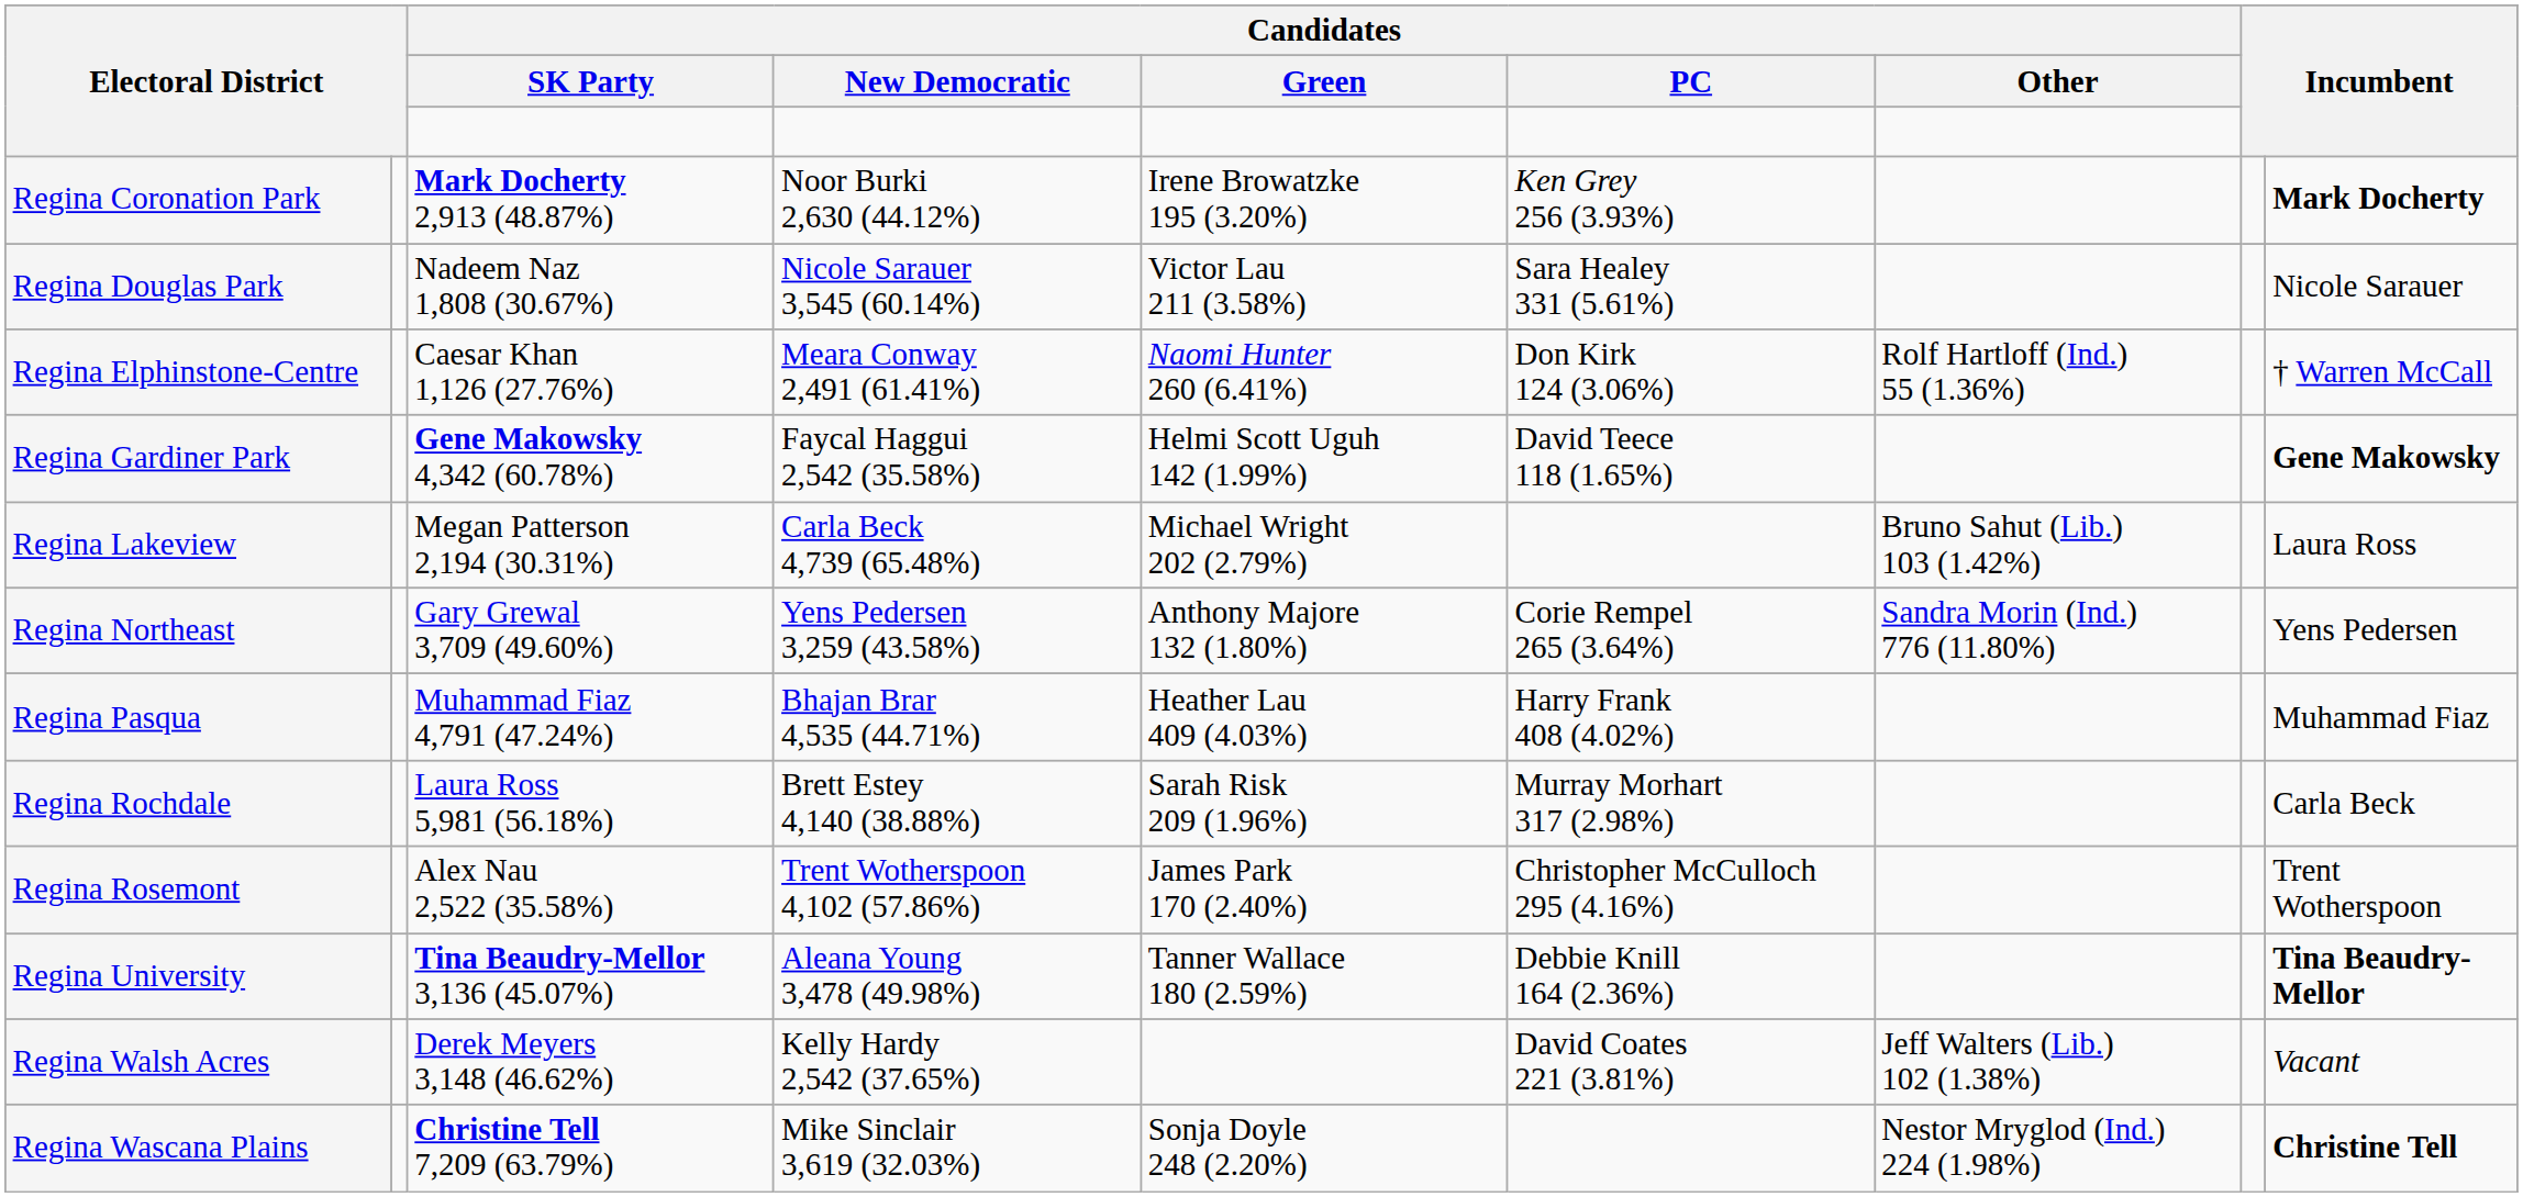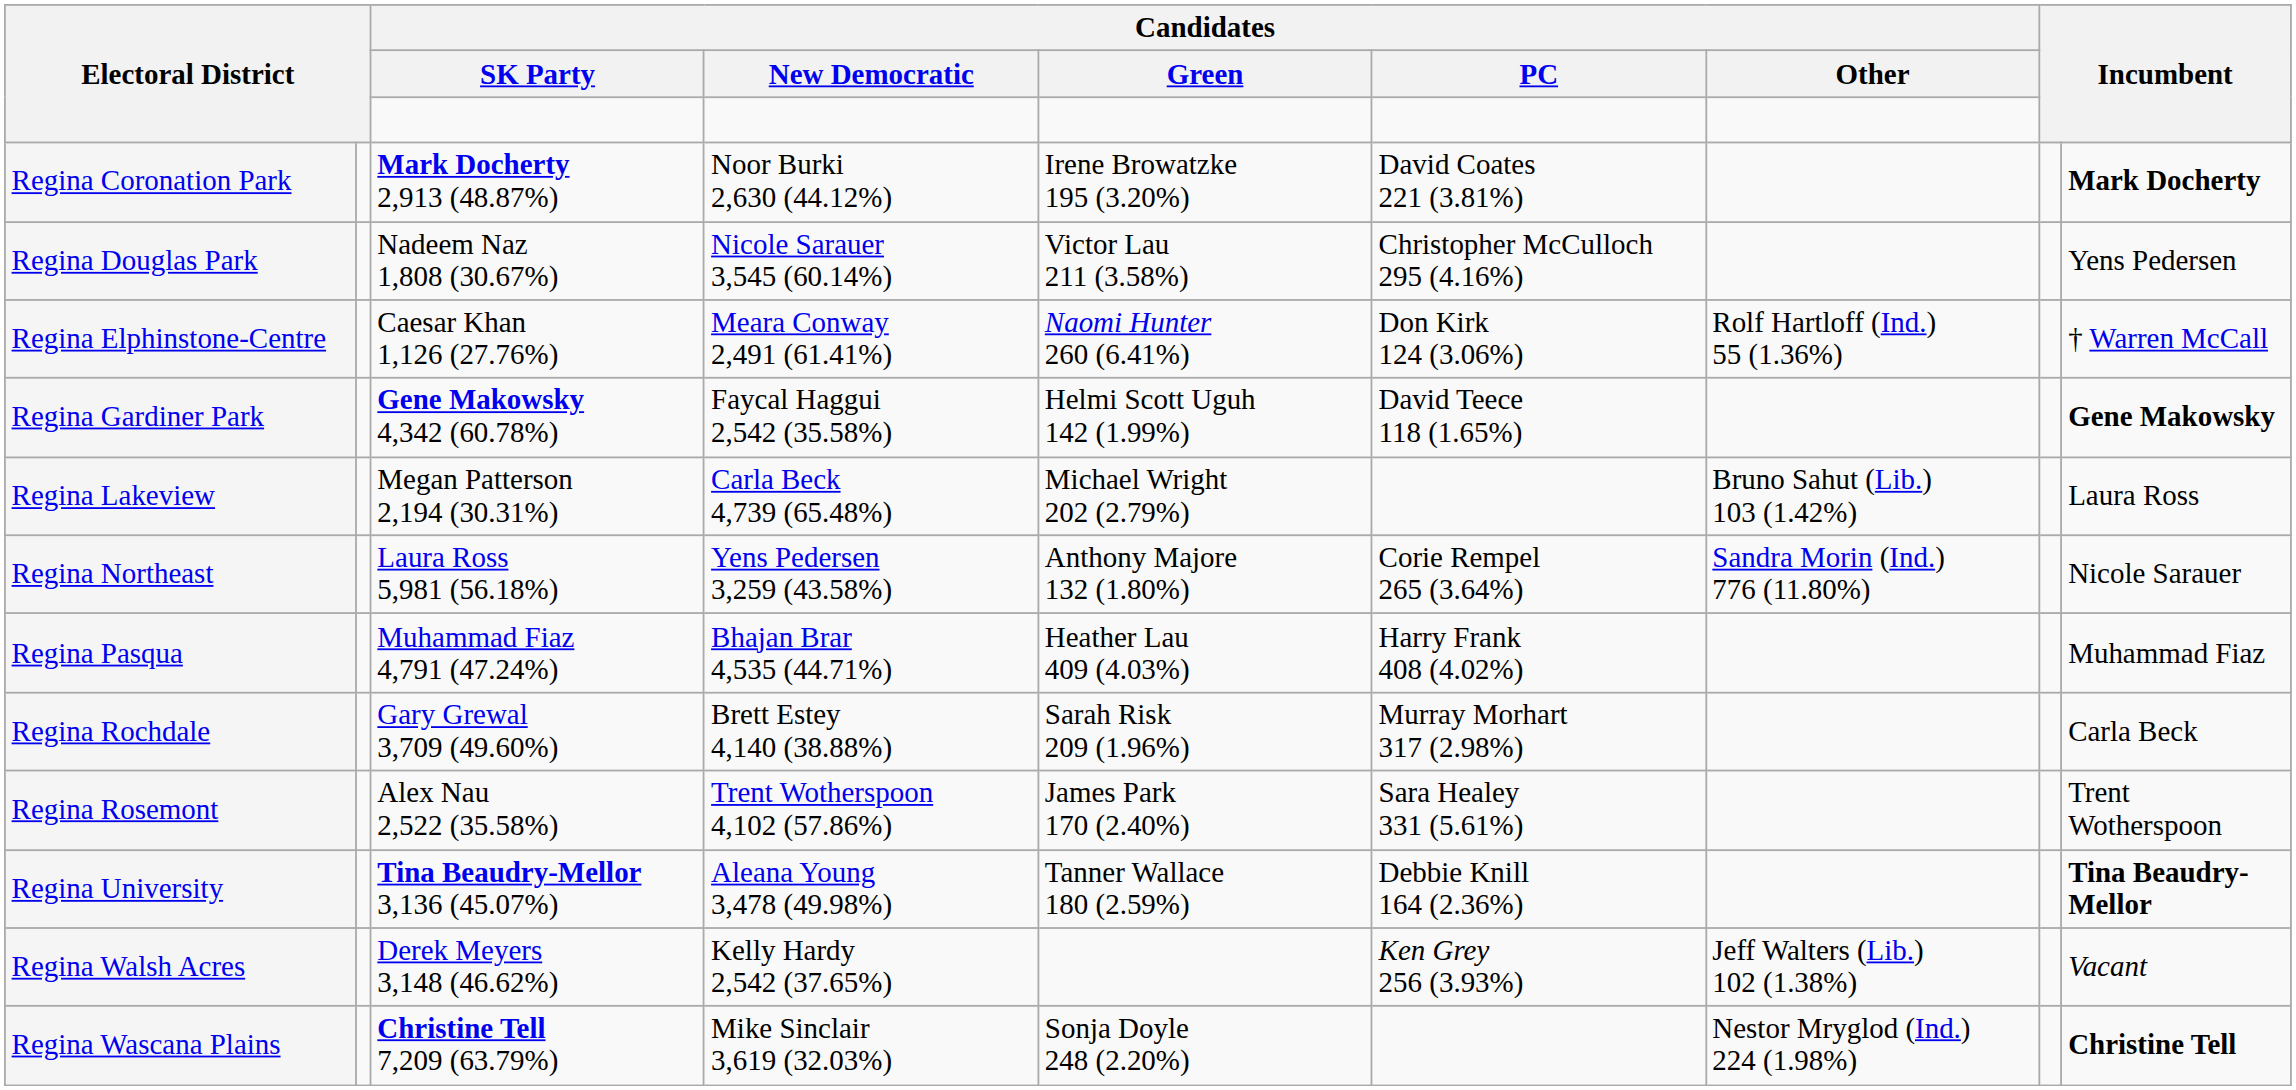 <table class="wikitable" style="width:100%;">
 <tr>
 <th style="width:16%;" rowspan="3" colspan="2">Electoral District</th>
 <th colspan=5>Candidates</th>
 <th style="width:14%;" rowspan="3" colspan="3">Incumbent</th>
 </tr>
 <tr>
 <th style="width:14.6%;"><a href='#'>SK Party</a></th>
 <th style="width:14.6%;"><a href='#'>New Democratic</a></th>
 <th style="width:14.6%;"><a href='#'>Green</a></th>
 <th style="width:14.6%;"><a href='#'>PC</a></th>
 <th style="width:14.6%;">Other</th>
 </tr>
 <tr>
 <td width=14.6% > </td>
 <td width=14.6% > </td>
 <td width=14.6% > </td>
 <td width=14.6% > </td>
 <td width=14.6% > </td>
 </tr>
 <tr>
 <td style="background:whitesmoke;"><a href='#'>Regina Coronation Park</a></td>
 <td></td>
 <td><a href='#'><strong>Mark Docherty</strong></a> <br>2,913 (48.87%)</td>
 <td>Noor Burki <br>2,630 (44.12%)</td>
 <td>Irene Browatzke <br>195 (3.20%)</td>
-<td><em>Ken Grey</em> <br>256 (3.93%)</td>
+<td>David Coates <br>221 (3.81%)</td>
 <td></td>
 <td> </td>
 <td><strong>Mark Docherty</strong></td>
 </tr>
 <tr>
 <td style="background:whitesmoke;"><a href='#'>Regina Douglas Park</a></td>
 <td></td>
 <td>Nadeem Naz <br>1,808 (30.67%)</td>
 <td><a href='#'>Nicole Sarauer</a> <br>3,545 (60.14%)</td>
 <td>Victor Lau <br>211 (3.58%)</td>
-<td>Sara Healey <br>331 (5.61%)</td>
+<td>Christopher McCulloch <br>295 (4.16%)</td>
 <td></td>
 <td> </td>
-<td>Nicole Sarauer</td>
+<td>Yens Pedersen</td>
 </tr>
 <tr>
 <td style="background:whitesmoke;"><a href='#'>Regina Elphinstone-Centre</a></td>
 <td></td>
 <td>Caesar Khan <br>1,126 (27.76%)</td>
 <td><a href='#'>Meara Conway</a> <br>2,491 (61.41%)</td>
 <td><em><a href='#'>Naomi Hunter</a></em> <br>260 (6.41%)</td>
 <td>Don Kirk <br>124 (3.06%)</td>
 <td>Rolf Hartloff (<a href='#'>Ind.</a>) <br>55 (1.36%)</td>
 <td> </td>
 <td>† <a href='#'>Warren McCall</a></td>
 </tr>
 <tr>
 <td style="background:whitesmoke;"><a href='#'>Regina Gardiner Park</a></td>
 <td></td>
 <td><strong><a href='#'>Gene Makowsky</a></strong> <br>4,342 (60.78%)</td>
 <td>Faycal Haggui <br>2,542 (35.58%)</td>
 <td>Helmi Scott Uguh <br>142 (1.99%)</td>
 <td>David Teece <br>118 (1.65%)</td>
 <td></td>
 <td> </td>
 <td><strong>Gene Makowsky</strong></td>
 </tr>
 <tr>
 <td style="background:whitesmoke;"><a href='#'>Regina Lakeview</a></td>
 <td></td>
 <td>Megan Patterson <br>2,194 (30.31%)</td>
 <td><a href='#'>Carla Beck</a> <br>4,739 (65.48%)</td>
 <td>Michael Wright <br>202 (2.79%)</td>
 <td></td>
 <td>Bruno Sahut (<a href='#'>Lib.</a>) <br>103 (1.42%)</td>
 <td> </td>
 <td>Laura Ross</td>
 </tr>
 <tr>
 <td style="background:whitesmoke;"><a href='#'>Regina Northeast</a></td>
 <td></td>
-<td><a href='#'>Gary Grewal</a> <br>3,709 (49.60%)</td>
+<td><a href='#'>Laura Ross</a> <br>5,981 (56.18%)</td>
 <td><a href='#'>Yens Pedersen</a> <br>3,259 (43.58%)</td>
 <td>Anthony Majore <br>132 (1.80%)</td>
 <td>Corie Rempel <br>265 (3.64%)</td>
 <td><a href='#'>Sandra Morin</a> (<a href='#'>Ind.</a>) <br>776 (11.80%)</td>
 <td> </td>
-<td>Yens Pedersen</td>
+<td>Nicole Sarauer</td>
 </tr>
 <tr>
 <td style="background:whitesmoke;"><a href='#'>Regina Pasqua</a></td>
 <td></td>
 <td><a href='#'>Muhammad Fiaz</a> <br>4,791 (47.24%)</td>
 <td><a href='#'>Bhajan Brar</a> <br>4,535 (44.71%)</td>
 <td>Heather Lau <br>409 (4.03%)</td>
 <td>Harry Frank <br>408 (4.02%)</td>
 <td></td>
 <td> </td>
 <td>Muhammad Fiaz</td>
 </tr>
 <tr>
 <td style="background:whitesmoke;"><a href='#'>Regina Rochdale</a></td>
 <td></td>
-<td><a href='#'>Laura Ross</a> <br>5,981 (56.18%)</td>
+<td><a href='#'>Gary Grewal</a> <br>3,709 (49.60%)</td>
 <td>Brett Estey <br>4,140 (38.88%)</td>
 <td>Sarah Risk <br>209 (1.96%)</td>
 <td>Murray Morhart <br>317 (2.98%)</td>
 <td></td>
 <td> </td>
 <td>Carla Beck</td>
 </tr>
 <tr>
 <td style="background:whitesmoke;"><a href='#'>Regina Rosemont</a></td>
 <td></td>
 <td>Alex Nau <br>2,522 (35.58%)</td>
 <td><a href='#'>Trent Wotherspoon</a> <br>4,102 (57.86%)</td>
 <td>James Park <br>170 (2.40%)</td>
-<td>Christopher McCulloch <br>295 (4.16%)</td>
+<td>Sara Healey <br>331 (5.61%)</td>
 <td></td>
 <td> </td>
 <td>Trent Wotherspoon</td>
 </tr>
 <tr>
 <td style="background:whitesmoke;"><a href='#'>Regina University</a></td>
 <td></td>
 <td><strong><a href='#'>Tina Beaudry-Mellor</a></strong> <br>3,136 (45.07%)</td>
 <td><a href='#'>Aleana Young</a> <br>3,478 (49.98%)</td>
 <td>Tanner Wallace <br>180 (2.59%)</td>
 <td>Debbie Knill <br>164 (2.36%)</td>
 <td></td>
 <td> </td>
 <td><strong>Tina Beaudry-Mellor</strong></td>
 </tr>
 <tr>
 <td style="background:whitesmoke;"><a href='#'>Regina Walsh Acres</a></td>
 <td></td>
 <td><a href='#'>Derek Meyers</a> <br>3,148 (46.62%)</td>
 <td>Kelly Hardy <br>2,542 (37.65%)</td>
 <td></td>
-<td>David Coates <br>221 (3.81%)</td>
+<td><em>Ken Grey</em> <br>256 (3.93%)</td>
 <td>Jeff Walters (<a href='#'>Lib.</a>) <br>102 (1.38%)</td>
 <td> </td>
 <td><em>Vacant</em></td>
 </tr>
 <tr>
 <td style="background:whitesmoke;"><a href='#'>Regina Wascana Plains</a></td>
 <td></td>
 <td><strong><a href='#'>Christine Tell</a></strong> <br>7,209 (63.79%)</td>
 <td>Mike Sinclair <br>3,619 (32.03%)</td>
 <td>Sonja Doyle <br>248 (2.20%)</td>
 <td></td>
 <td>Nestor Mryglod (<a href='#'>Ind.</a>) <br>224 (1.98%)</td>
 <td> </td>
 <td><strong>Christine Tell</strong></td>
 </tr>
 </table>
